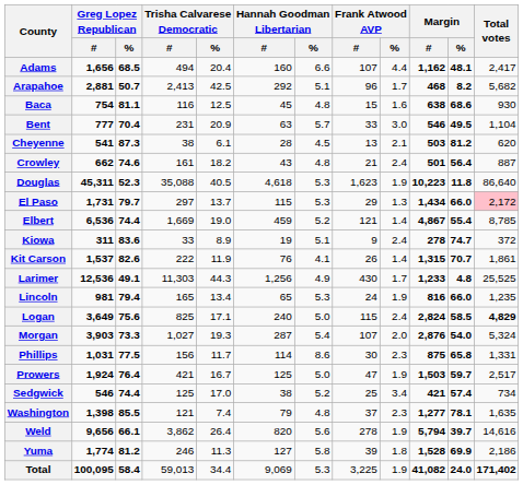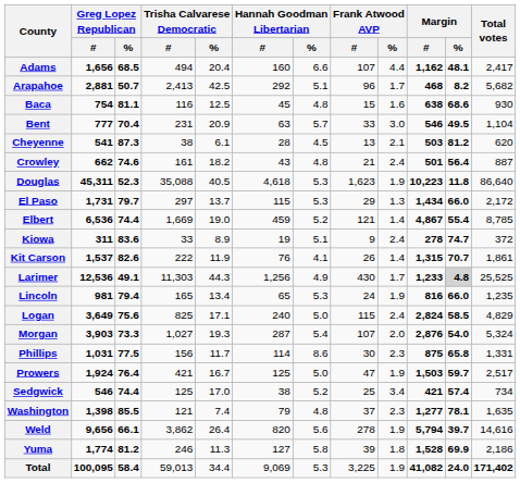 <table class="wikitable sortable" style="text-align:right;font-size:90%;line-height:1.3">
 <tr>
 <th rowspan="2">County</th>
 <th colspan="2"><a href='#'>Greg Lopez</a><br><a href='#'>Republican</a></th>
 <th colspan="2">Trisha Calvarese<br><a href='#'>Democratic</a></th>
 <th colspan="2">Hannah Goodman <br><a href='#'>Libertarian</a></th>
 <th colspan="2">Frank Atwood <br><a href='#'>AVP</a></th>
 <th colspan="2">Margin</th>
 <th rowspan="2">Total<br>votes</th>
 </tr>
 <tr>
 <th data-sort-type="number" style="text-align:center;">#</th>
 <th data-sort-type="number" style="text-align:center;">%</th>
 <th data-sort-type="number" style="text-align:center;">#</th>
 <th data-sort-type="number" style="text-align:center;">%</th>
 <th data-sort-type="number" style="text-align:center;">#</th>
 <th data-sort-type="number" style="text-align:center;">%</th>
 <th data-sort-type="number" style="text-align:center;">#</th>
 <th data-sort-type="number" style="text-align:center;">%</th>
 <th data-sort-type="number" style="text-align:center;">#</th>
 <th data-sort-type="number" style="text-align:center;">%</th>
 </tr>
 <tr>
 <th><a href='#'>Adams</a></th>
 <td><strong>1,656</strong></td>
 <td><strong>68.5</strong></td>
 <td>494</td>
 <td>20.4</td>
 <td>160</td>
 <td>6.6</td>
 <td>107</td>
 <td>4.4</td>
 <td><strong>1,162</strong></td>
 <td><strong>48.1</strong></td>
 <td>2,417</td>
 </tr>
 <tr>
 <th><a href='#'>Arapahoe</a></th>
 <td><strong>2,881</strong></td>
 <td><strong>50.7</strong></td>
 <td>2,413</td>
 <td>42.5</td>
 <td>292</td>
 <td>5.1</td>
 <td>96</td>
 <td>1.7</td>
 <td><strong>468</strong></td>
 <td><strong>8.2</strong></td>
 <td>5,682</td>
 </tr>
 <tr>
 <th><a href='#'>Baca</a></th>
 <td><strong>754</strong></td>
 <td><strong>81.1</strong></td>
 <td>116</td>
 <td>12.5</td>
 <td>45</td>
 <td>4.8</td>
 <td>15</td>
 <td>1.6</td>
 <td><strong>638</strong></td>
 <td><strong>68.6</strong></td>
 <td>930</td>
 </tr>
 <tr>
 <th><a href='#'>Bent</a></th>
 <td><strong>777</strong></td>
 <td><strong>70.4</strong></td>
 <td>231</td>
 <td>20.9</td>
 <td>63</td>
 <td>5.7</td>
 <td>33</td>
 <td>3.0</td>
 <td><strong>546</strong></td>
 <td><strong>49.5</strong></td>
 <td>1,104</td>
 </tr>
 <tr>
 <th><a href='#'>Cheyenne</a></th>
 <td><strong>541</strong></td>
 <td><strong>87.3</strong></td>
 <td>38</td>
 <td>6.1</td>
 <td>28</td>
 <td>4.5</td>
 <td>13</td>
 <td>2.1</td>
 <td><strong>503</strong></td>
 <td><strong>81.2</strong></td>
 <td>620</td>
 </tr>
 <tr>
 <th><a href='#'>Crowley</a></th>
 <td><strong>662</strong></td>
 <td><strong>74.6</strong></td>
 <td>161</td>
 <td>18.2</td>
 <td>43</td>
 <td>4.8</td>
 <td>21</td>
 <td>2.4</td>
 <td><strong>501</strong></td>
 <td><strong>56.4</strong></td>
 <td>887</td>
 </tr>
 <tr>
 <th><a href='#'>Douglas</a></th>
 <td><strong>45,311</strong></td>
 <td><strong>52.3</strong></td>
 <td>35,088</td>
 <td>40.5</td>
 <td>4,618</td>
 <td>5.3</td>
 <td>1,623</td>
 <td>1.9</td>
 <td><strong>10,223</strong></td>
 <td><strong>11.8</strong></td>
 <td>86,640</td>
 </tr>
 <tr>
 <th><a href='#'>El Paso</a></th>
 <td><strong>1,731</strong></td>
 <td><strong>79.7</strong></td>
 <td>297</td>
 <td>13.7</td>
 <td>115</td>
 <td>5.3</td>
 <td>29</td>
 <td>1.3</td>
 <td><strong>1,434</strong></td>
 <td><strong>66.0</strong></td>
-<td style="background: pink;">2,172</td>
+<td>2,172</td>
 </tr>
 <tr>
 <th><a href='#'>Elbert</a></th>
 <td><strong>6,536</strong></td>
 <td><strong>74.4</strong></td>
 <td>1,669</td>
 <td>19.0</td>
 <td>459</td>
 <td>5.2</td>
 <td>121</td>
 <td>1.4</td>
 <td><strong>4,867</strong></td>
 <td><strong>55.4</strong></td>
 <td>8,785</td>
 </tr>
 <tr>
 <th><a href='#'>Kiowa</a></th>
 <td><strong>311</strong></td>
 <td><strong>83.6</strong></td>
 <td>33</td>
 <td>8.9</td>
 <td>19</td>
 <td>5.1</td>
 <td>9</td>
 <td>2.4</td>
 <td><strong>278</strong></td>
 <td><strong>74.7</strong></td>
 <td>372</td>
 </tr>
 <tr>
 <th><a href='#'>Kit Carson</a></th>
 <td><strong>1,537</strong></td>
 <td><strong>82.6</strong></td>
 <td>222</td>
 <td>11.9</td>
 <td>76</td>
 <td>4.1</td>
 <td>26</td>
 <td>1.4</td>
 <td><strong>1,315</strong></td>
 <td><strong>70.7</strong></td>
 <td>1,861</td>
 </tr>
 <tr>
 <th><a href='#'>Larimer</a></th>
 <td><strong>12,536</strong></td>
 <td><strong>49.1</strong></td>
 <td>11,303</td>
 <td>44.3</td>
 <td>1,256</td>
 <td>4.9</td>
 <td>430</td>
 <td>1.7</td>
 <td><strong>1,233</strong></td>
-<td><strong>4.8</strong></td>
+<td style="background: lightgrey;"><strong>4.8</strong></td>
 <td>25,525</td>
 </tr>
 <tr>
 <th><a href='#'>Lincoln</a></th>
 <td><strong>981</strong></td>
 <td><strong>79.4</strong></td>
 <td>165</td>
 <td>13.4</td>
 <td>65</td>
 <td>5.3</td>
 <td>24</td>
 <td>1.9</td>
 <td><strong>816</strong></td>
 <td><strong>66.0</strong></td>
 <td>1,235</td>
 </tr>
 <tr>
 <th><a href='#'>Logan</a></th>
 <td><strong>3,649</strong></td>
 <td><strong>75.6</strong></td>
 <td>825</td>
 <td>17.1</td>
 <td>240</td>
 <td>5.0</td>
 <td>115</td>
 <td>2.4</td>
 <td><strong>2,824</strong></td>
 <td><strong>58.5</strong></td>
-<td><strong>4,829</strong></td>
+<td>4,829</td>
 </tr>
 <tr>
 <th><a href='#'>Morgan</a></th>
 <td><strong>3,903</strong></td>
 <td><strong>73.3</strong></td>
 <td>1,027</td>
 <td>19.3</td>
 <td>287</td>
 <td>5.4</td>
 <td>107</td>
 <td>2.0</td>
 <td><strong>2,876</strong></td>
 <td><strong>54.0</strong></td>
 <td>5,324</td>
 </tr>
 <tr>
 <th><a href='#'>Phillips</a></th>
 <td><strong>1,031</strong></td>
 <td><strong>77.5</strong></td>
 <td>156</td>
 <td>11.7</td>
 <td>114</td>
 <td>8.6</td>
 <td>30</td>
 <td>2.3</td>
 <td><strong>875</strong></td>
 <td><strong>65.8</strong></td>
 <td>1,331</td>
 </tr>
 <tr>
 <th><a href='#'>Prowers</a></th>
 <td><strong>1,924</strong></td>
 <td><strong>76.4</strong></td>
 <td>421</td>
 <td>16.7</td>
 <td>125</td>
 <td>5.0</td>
 <td>47</td>
 <td>1.9</td>
 <td><strong>1,503</strong></td>
 <td><strong>59.7</strong></td>
 <td>2,517</td>
 </tr>
 <tr>
 <th><a href='#'>Sedgwick</a></th>
 <td><strong>546</strong></td>
 <td><strong>74.4</strong></td>
 <td>125</td>
 <td>17.0</td>
 <td>38</td>
 <td>5.2</td>
 <td>25</td>
 <td>3.4</td>
 <td><strong>421</strong></td>
 <td><strong>57.4</strong></td>
 <td>734</td>
 </tr>
 <tr>
 <th><a href='#'>Washington</a></th>
 <td><strong>1,398</strong></td>
 <td><strong>85.5</strong></td>
 <td>121</td>
 <td>7.4</td>
 <td>79</td>
 <td>4.8</td>
 <td>37</td>
 <td>2.3</td>
 <td><strong>1,277</strong></td>
 <td><strong>78.1</strong></td>
 <td>1,635</td>
 </tr>
 <tr>
 <th><a href='#'>Weld</a></th>
 <td><strong>9,656</strong></td>
 <td><strong>66.1</strong></td>
 <td>3,862</td>
 <td>26.4</td>
 <td>820</td>
 <td>5.6</td>
 <td>278</td>
 <td>1.9</td>
 <td><strong>5,794</strong></td>
 <td><strong>39.7</strong></td>
 <td>14,616</td>
 </tr>
 <tr>
 <th><a href='#'>Yuma</a></th>
 <td><strong>1,774</strong></td>
 <td><strong>81.2</strong></td>
 <td>246</td>
 <td>11.3</td>
 <td>127</td>
 <td>5.8</td>
 <td>39</td>
 <td>1.8</td>
 <td><strong>1,528</strong></td>
 <td><strong>69.9</strong></td>
 <td>2,186</td>
 </tr>
 <tr class="sortbottom">
 <th>Total</th>
 <td><strong>100,095</strong></td>
 <td><strong>58.4</strong></td>
 <td>59,013</td>
 <td>34.4</td>
 <td>9,069</td>
 <td>5.3</td>
 <td>3,225</td>
 <td>1.9</td>
 <td><strong>41,082</strong></td>
 <td><strong>24.0</strong></td>
 <td><strong>171,402</strong></td>
 </tr>
 </table>
